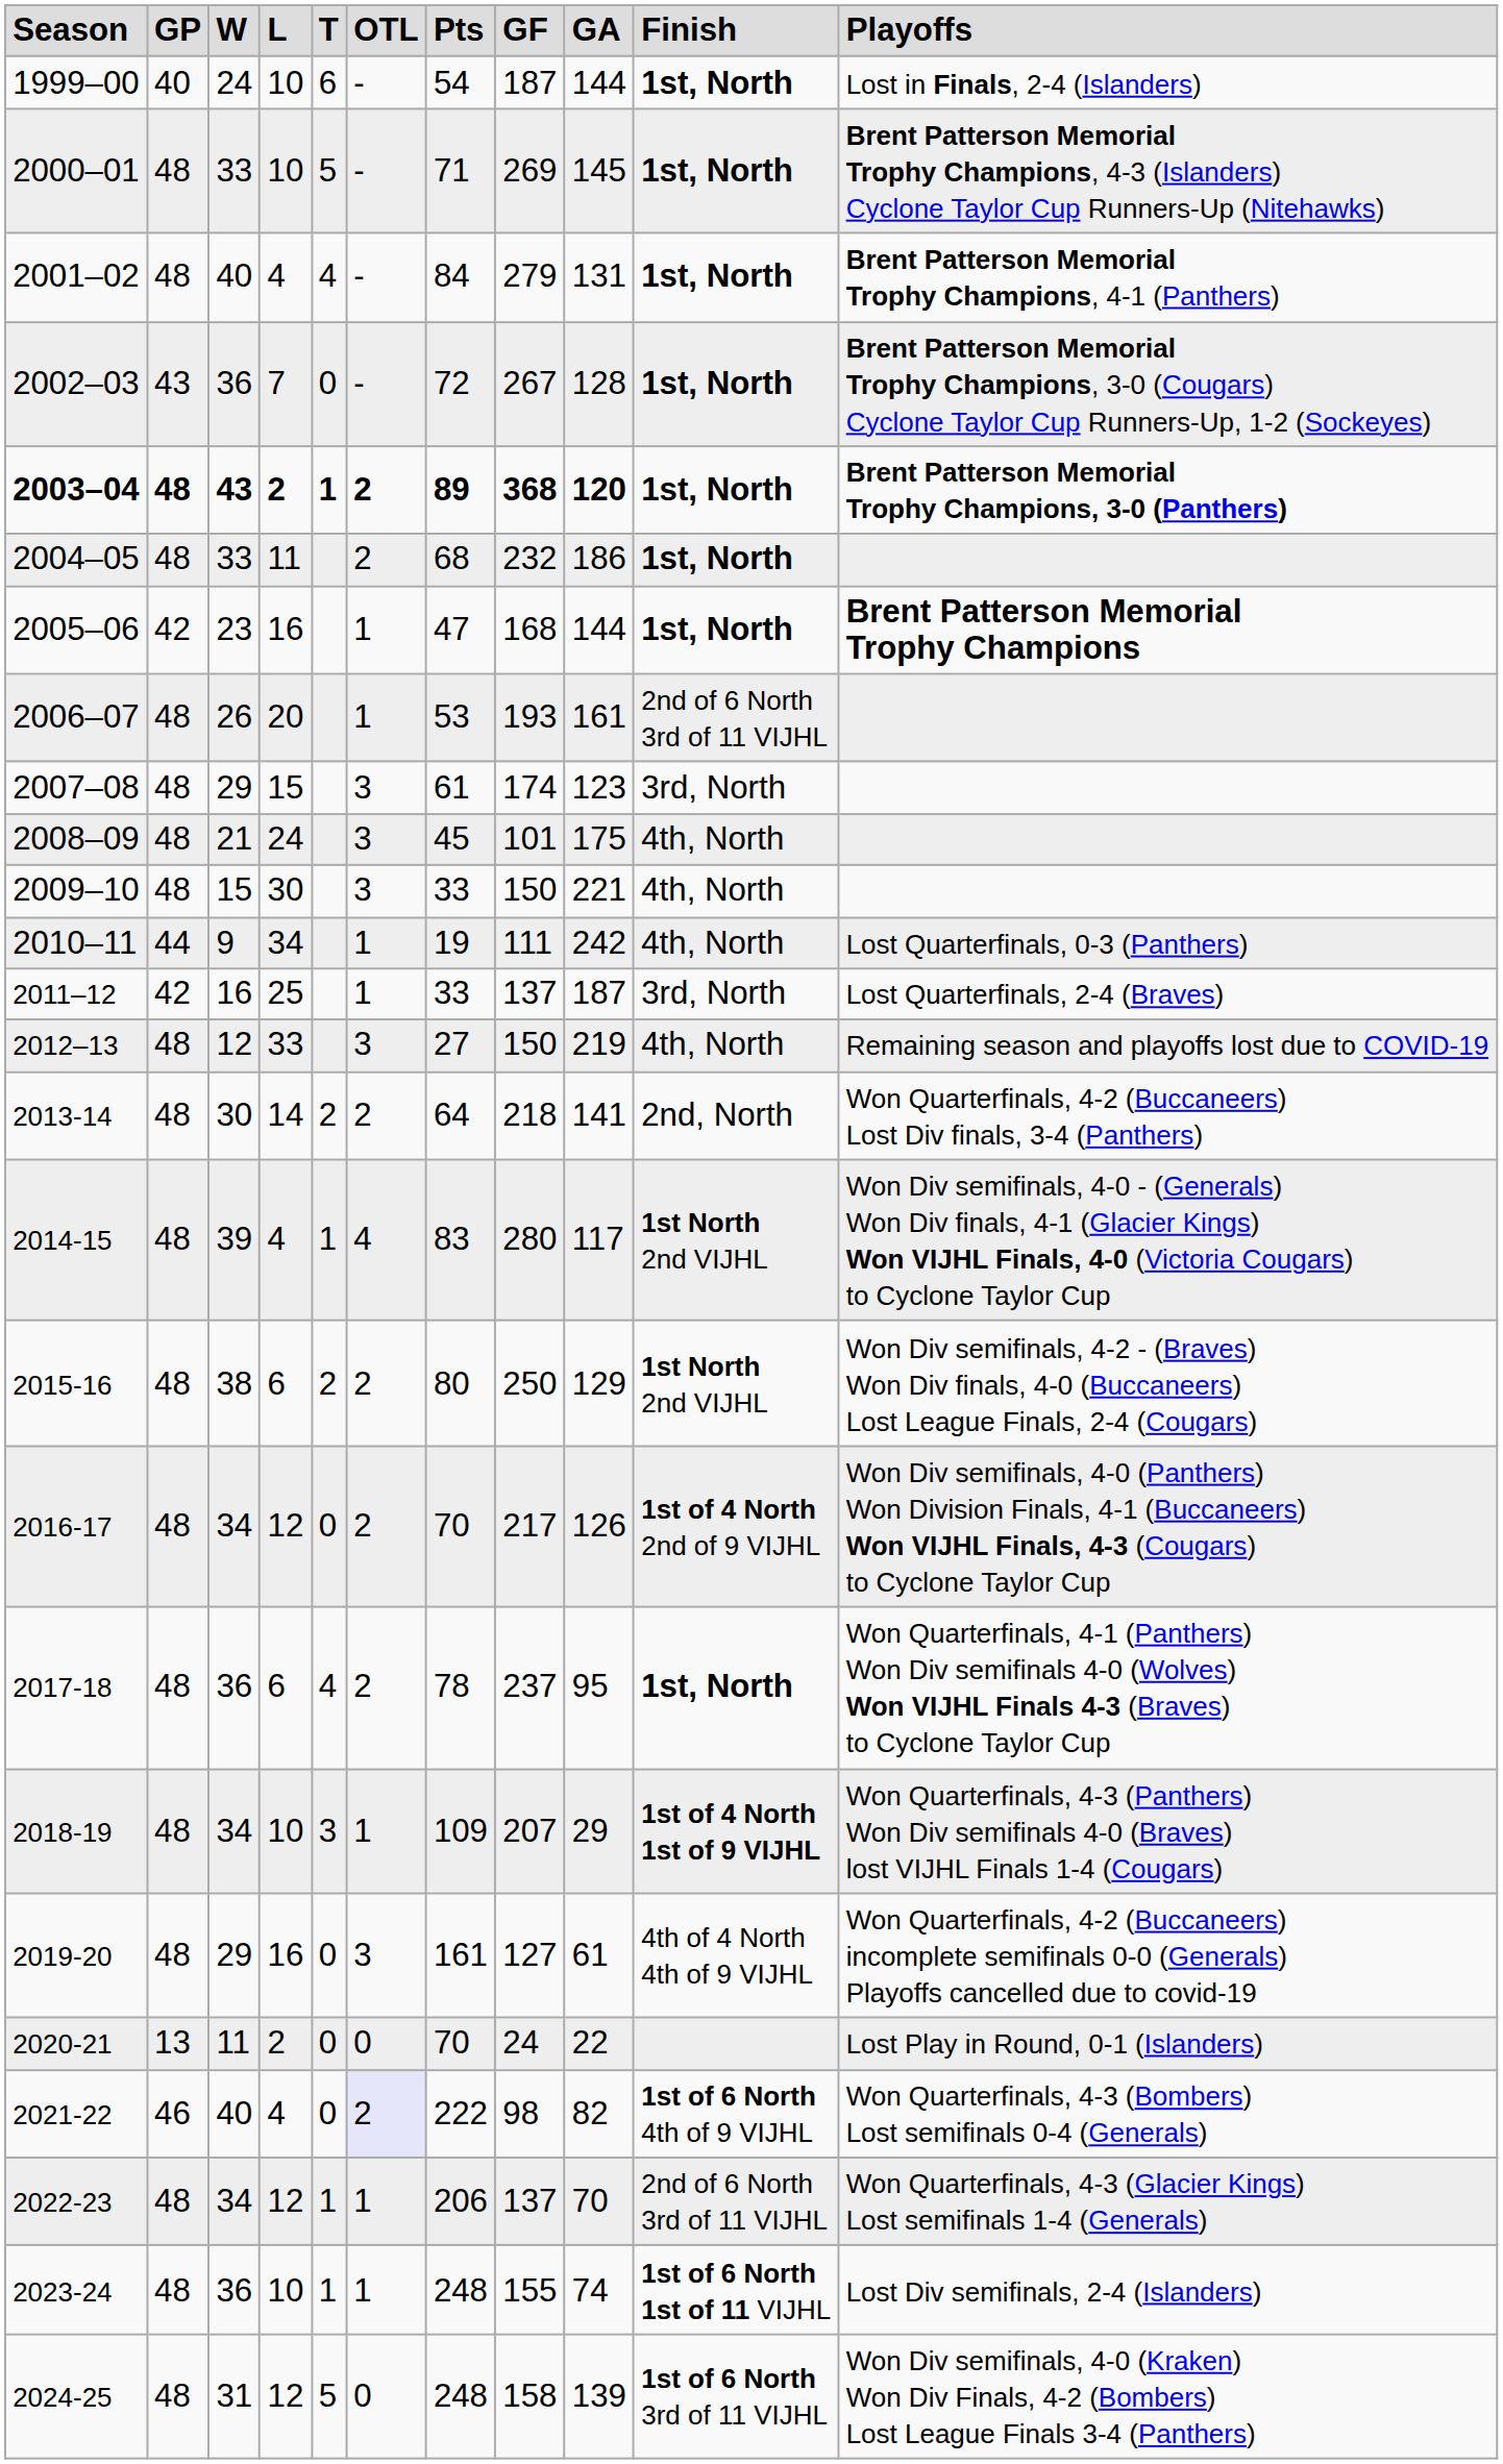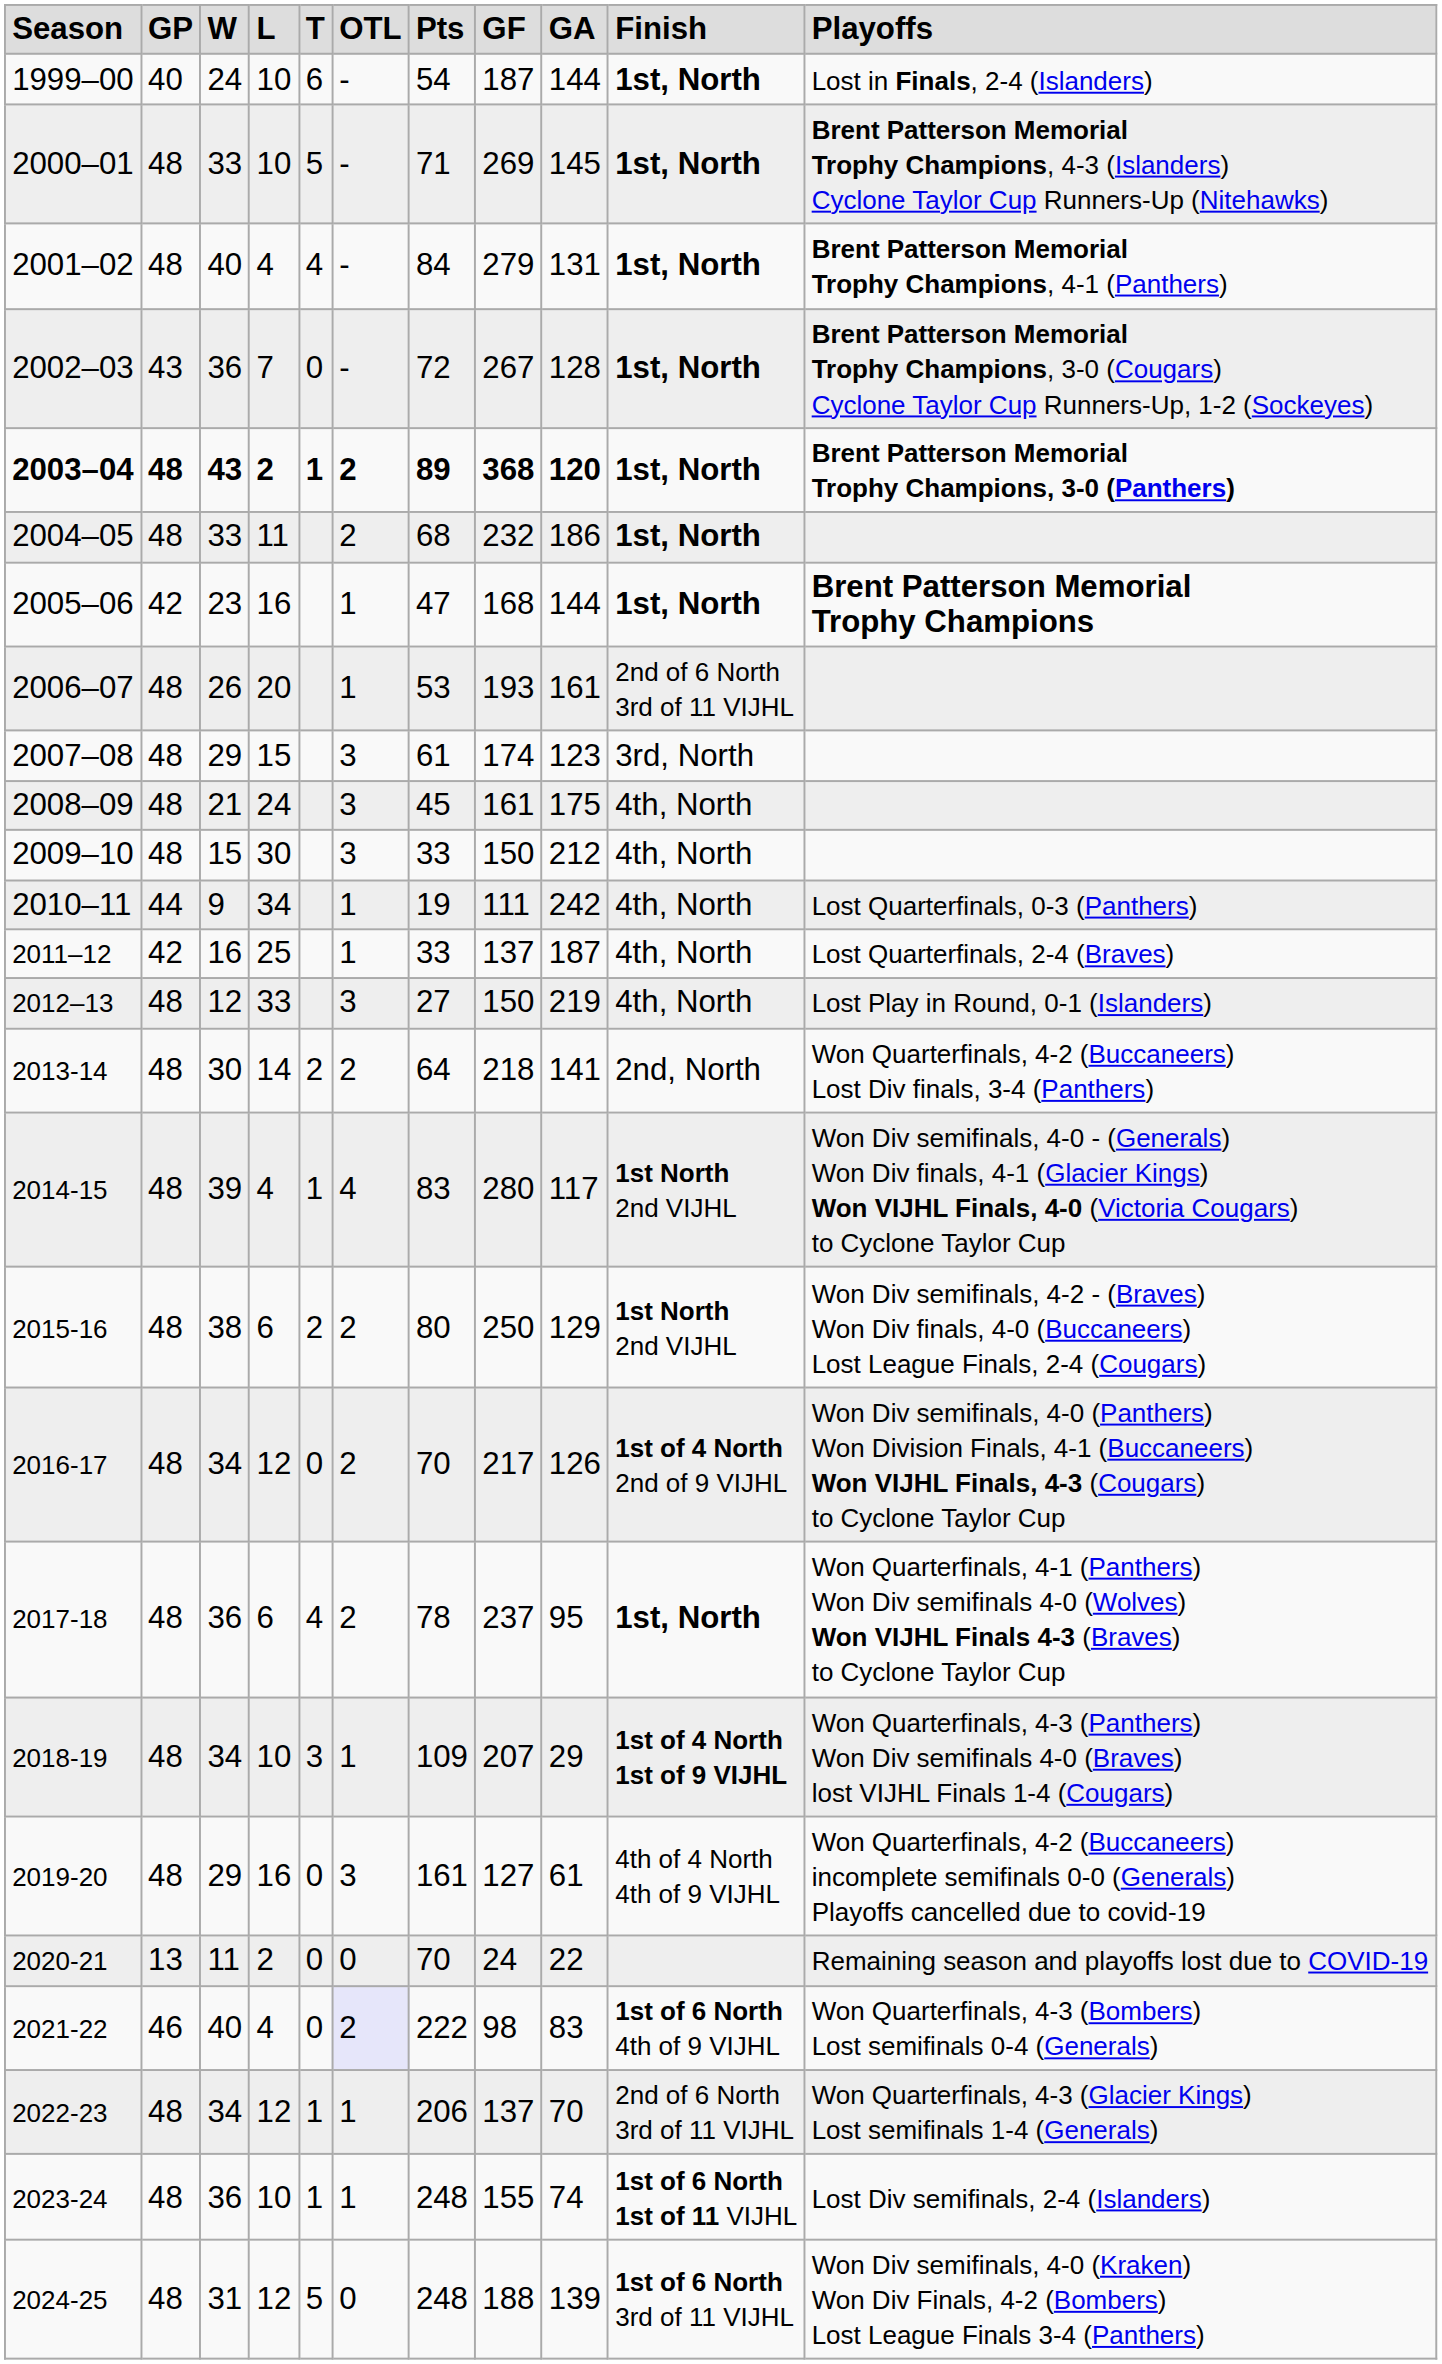 <table class="wikitable">
 <tr style="font-weight:bold; background:#ddd;"|>
 <td>Season</td>
 <td>GP</td>
 <td>W</td>
 <td>L</td>
 <td>T</td>
 <td>OTL</td>
 <td>Pts</td>
 <td>GF</td>
 <td>GA</td>
 <td>Finish</td>
 <td>Playoffs</td>
 </tr>
 <tr>
 <td>1999–00</td>
 <td>40</td>
 <td>24</td>
 <td>10</td>
 <td>6</td>
 <td>-</td>
 <td>54</td>
 <td>187</td>
 <td>144</td>
 <td><strong>1st, North</strong></td>
 <td><small>Lost in <strong>Finals</strong>, 2-4 (<a href='#'>Islanders</a>)</small></td>
 </tr>
 <tr style="background:#eee;">
 <td>2000–01</td>
 <td>48</td>
 <td>33</td>
 <td>10</td>
 <td>5</td>
 <td>-</td>
 <td>71</td>
 <td>269</td>
 <td>145</td>
 <td><strong>1st, North</strong></td>
 <td><small><strong>Brent Patterson Memorial</strong><br> <strong>Trophy Champions</strong>, 4-3 (<a href='#'>Islanders</a>)<br><a href='#'>Cyclone Taylor Cup</a> Runners-Up (<a href='#'>Nitehawks</a>)</small></td>
 </tr>
 <tr>
 <td>2001–02</td>
 <td>48</td>
 <td>40</td>
 <td>4</td>
 <td>4</td>
 <td>-</td>
 <td>84</td>
 <td>279</td>
 <td>131</td>
 <td><strong>1st, North</strong></td>
 <td><small><strong>Brent Patterson Memorial</strong><br> <strong>Trophy Champions</strong>, 4-1 (<a href='#'>Panthers</a>)</small></td>
 </tr>
 <tr style="background:#eee;">
 <td>2002–03</td>
 <td>43</td>
 <td>36</td>
 <td>7</td>
 <td>0</td>
 <td>-</td>
 <td>72</td>
 <td>267</td>
 <td>128</td>
 <td><strong>1st, North</strong></td>
 <td><small><strong>Brent Patterson Memorial</strong><br> <strong>Trophy Champions</strong>, 3-0 (<a href='#'>Cougars</a>)<br><a href='#'>Cyclone Taylor Cup</a> Runners-Up, 1-2 (<a href='#'>Sockeyes</a>)</small></td>
 </tr>
 <tr style="font-weight:bold">
 <td>2003–04</td>
 <td>48</td>
 <td>43</td>
 <td>2</td>
 <td>1</td>
 <td>2</td>
 <td>89</td>
 <td>368</td>
 <td>120</td>
 <td><strong>1st, North</strong></td>
 <td><small><strong>Brent Patterson Memorial</strong><br> <strong>Trophy Champions</strong>, 3-0 (<a href='#'>Panthers</a>)</small></td>
 </tr>
 <tr style="background:#eee;">
 <td>2004–05</td>
 <td>48</td>
 <td>33</td>
 <td>11</td>
 <td></td>
 <td>2</td>
 <td>68</td>
 <td>232</td>
 <td>186</td>
 <td><strong>1st, North</strong></td>
 <td></td>
 </tr>
 <tr>
 <td>2005–06</td>
 <td>42</td>
 <td>23</td>
 <td>16</td>
 <td></td>
 <td>1</td>
 <td>47</td>
 <td>168</td>
 <td>144</td>
 <td><strong>1st, North</strong></td>
 <td><strong>Brent Patterson Memorial</strong><br> <strong>Trophy Champions</strong></td>
 </tr>
 <tr style="background:#eee;">
 <td>2006–07</td>
 <td>48</td>
 <td>26</td>
 <td>20</td>
 <td></td>
 <td>1</td>
 <td>53</td>
 <td>193</td>
 <td>161</td>
 <td><small>2nd of 6 North<br>3rd of 11 VIJHL</small></td>
 <td></td>
 </tr>
 <tr>
 <td>2007–08</td>
 <td>48</td>
 <td>29</td>
 <td>15</td>
 <td></td>
 <td>3</td>
 <td>61</td>
 <td>174</td>
 <td>123</td>
 <td>3rd, North</td>
 <td></td>
 </tr>
 <tr style="background:#eee;">
 <td>2008–09</td>
 <td>48</td>
 <td>21</td>
 <td>24</td>
 <td></td>
 <td>3</td>
 <td>45</td>
-<td>101</td>
+<td>161</td>
 <td>175</td>
 <td>4th, North</td>
 <td></td>
 </tr>
 <tr>
 <td>2009–10</td>
 <td>48</td>
 <td>15</td>
 <td>30</td>
 <td></td>
 <td>3</td>
 <td>33</td>
 <td>150</td>
-<td>221</td>
+<td>212</td>
 <td>4th, North</td>
 <td></td>
 </tr>
 <tr style="background:#eee;">
 <td>2010–11</td>
 <td>44</td>
 <td>9</td>
 <td>34</td>
 <td></td>
 <td>1</td>
 <td>19</td>
 <td>111</td>
 <td>242</td>
 <td>4th, North</td>
 <td><small>Lost Quarterfinals, 0-3 (<a href='#'>Panthers</a>)</small></td>
 </tr>
 <tr>
 <td><small> 2011–12</small></td>
 <td>42</td>
 <td>16</td>
 <td>25</td>
 <td></td>
 <td>1</td>
 <td>33</td>
 <td>137</td>
 <td>187</td>
-<td>3rd, North</td>
+<td>4th, North</td>
 <td><small>Lost Quarterfinals, 2-4 (<a href='#'>Braves</a>)</small></td>
 </tr>
 <tr style="background:#eee;">
 <td><small>2012–13</small></td>
 <td>48</td>
 <td>12</td>
 <td>33</td>
 <td></td>
 <td>3</td>
 <td>27</td>
 <td>150</td>
 <td>219</td>
 <td>4th, North</td>
-<td><small>Remaining season and playoffs lost due to <a href='#'>COVID-19</a></small></td>
+<td><small>Lost Play in Round, 0-1 (<a href='#'>Islanders</a>)</small></td>
 </tr>
 <tr>
 <td><small>2013-14</small></td>
 <td>48</td>
 <td>30</td>
 <td>14</td>
 <td>2</td>
 <td>2</td>
 <td>64</td>
 <td>218</td>
 <td>141</td>
 <td>2nd, North</td>
 <td><small>Won Quarterfinals, 4-2 (<a href='#'>Buccaneers</a>)<br>Lost Div finals, 3-4 (<a href='#'>Panthers</a>)</small></td>
 </tr>
 <tr style="background:#eee;">
 <td><small>2014-15</small></td>
 <td>48</td>
 <td>39</td>
 <td>4</td>
 <td>1</td>
 <td>4</td>
 <td>83</td>
 <td>280</td>
 <td>117</td>
 <td><small><strong>1st North</strong><br>2nd VIJHL</small></td>
 <td><small>Won Div semifinals, 4-0 - (<a href='#'>Generals</a>)<br>Won Div finals, 4-1 (<a href='#'>Glacier Kings</a>)<br><strong>Won VIJHL Finals, 4-0</strong> (<a href='#'>Victoria Cougars</a>)<br>to Cyclone Taylor Cup</small></td>
 </tr>
 <tr>
 <td><small>2015-16</small></td>
 <td>48</td>
 <td>38</td>
 <td>6</td>
 <td>2</td>
 <td>2</td>
 <td>80</td>
 <td>250</td>
 <td>129</td>
 <td><small><strong>1st North</strong><br>2nd VIJHL</small></td>
 <td><small>Won Div semifinals, 4-2 - (<a href='#'>Braves</a>)<br>Won Div finals, 4-0 (<a href='#'>Buccaneers</a>)<br>Lost League Finals, 2-4 (<a href='#'>Cougars</a>)</small></td>
 </tr>
 <tr style="background:#eee;">
 <td><small>2016-17</small></td>
 <td>48</td>
 <td>34</td>
 <td>12</td>
 <td>0</td>
 <td>2</td>
 <td>70</td>
 <td>217</td>
 <td>126</td>
 <td><small><strong>1st of 4 North</strong><br>2nd of 9 VIJHL</small></td>
 <td><small>Won Div semifinals, 4-0 (<a href='#'>Panthers</a>)<br>Won Division Finals, 4-1 (<a href='#'>Buccaneers</a>)<br><strong>Won VIJHL Finals, 4-3</strong> (<a href='#'>Cougars</a>)<br>to Cyclone Taylor Cup</small></td>
 </tr>
 <tr>
 <td><small>2017-18</small></td>
 <td>48</td>
 <td>36</td>
 <td>6</td>
 <td>4</td>
 <td>2</td>
 <td>78</td>
 <td>237</td>
 <td>95</td>
 <td><strong>1st, North</strong></td>
 <td><small>Won Quarterfinals, 4-1 (<a href='#'>Panthers</a>)<br>Won Div semifinals 4-0 (<a href='#'>Wolves</a>)<br><strong>Won VIJHL Finals 4-3</strong> (<a href='#'>Braves</a>)<br>to Cyclone Taylor Cup</small></td>
 </tr>
 <tr style="background:#eee;">
 <td><small>2018-19</small></td>
 <td>48</td>
 <td>34</td>
 <td>10</td>
 <td>3</td>
 <td>1</td>
 <td>109</td>
 <td>207</td>
 <td>29</td>
 <td><small><strong>1st of 4 North</strong><br><strong>1st of 9 VIJHL</strong></small></td>
 <td><small>Won Quarterfinals, 4-3 (<a href='#'>Panthers</a>)<br>Won Div semifinals 4-0 (<a href='#'>Braves</a>)<br>lost VIJHL Finals 1-4 (<a href='#'>Cougars</a>)</small></td>
 </tr>
 <tr>
 <td><small>2019-20</small></td>
 <td>48</td>
 <td>29</td>
 <td>16</td>
 <td>0</td>
 <td>3</td>
 <td>161</td>
 <td>127</td>
 <td>61</td>
 <td><small>4th of 4 North<br>4th of 9 VIJHL</small></td>
 <td><small>Won Quarterfinals, 4-2 (<a href='#'>Buccaneers</a>)<br>incomplete semifinals 0-0 (<a href='#'>Generals</a>)<br>Playoffs cancelled due to covid-19</small></td>
 </tr>
 <tr style="background:#eee;">
 <td><small>2020-21</small></td>
 <td>13</td>
 <td>11</td>
 <td>2</td>
 <td>0</td>
 <td>0</td>
 <td>70</td>
 <td>24</td>
 <td>22</td>
 <td></td>
-<td><small>Lost Play in Round, 0-1 (<a href='#'>Islanders</a>)</small></td>
+<td><small>Remaining season and playoffs lost due to <a href='#'>COVID-19</a></small></td>
 </tr>
 <tr>
 <td><small>2021-22</small></td>
 <td>46</td>
 <td>40</td>
 <td>4</td>
 <td>0</td>
 <td style="background: lavender;">2</td>
 <td>222</td>
 <td>98</td>
-<td>82</td>
+<td>83</td>
 <td><small><strong>1st of 6 North</strong><br>4th of 9 VIJHL</small></td>
 <td><small>Won Quarterfinals, 4-3 (<a href='#'>Bombers</a>)<br>Lost semifinals 0-4 (<a href='#'>Generals</a>)</small></td>
 </tr>
 <tr style="background:#eee;">
 <td><small>2022-23</small></td>
 <td>48</td>
 <td>34</td>
 <td>12</td>
 <td>1</td>
 <td>1</td>
 <td>206</td>
 <td>137</td>
 <td>70</td>
 <td><small>2nd of 6 North<br>3rd of 11 VIJHL</small></td>
 <td><small>Won Quarterfinals, 4-3 (<a href='#'>Glacier Kings</a>)<br>Lost semifinals 1-4 (<a href='#'>Generals</a>)</small></td>
 </tr>
 <tr>
 <td><small>2023-24</small></td>
 <td>48</td>
 <td>36</td>
 <td>10</td>
 <td>1</td>
 <td>1</td>
 <td>248</td>
 <td>155</td>
 <td>74</td>
 <td><small><strong>1st of 6 North</strong><br><strong>1st of 11</strong> VIJHL</small></td>
 <td><small>Lost Div semifinals, 2-4 (<a href='#'>Islanders</a>)</small></td>
 </tr>
 <tr>
 <td><small>2024-25</small></td>
 <td>48</td>
 <td>31</td>
 <td>12</td>
 <td>5</td>
 <td>0</td>
 <td>248</td>
-<td>158</td>
+<td>188</td>
 <td>139</td>
 <td><small><strong>1st of 6 North</strong><br>3rd of 11 VIJHL</small></td>
 <td><small>Won Div semifinals, 4-0 (<a href='#'>Kraken</a>)<br>Won Div Finals, 4-2 (<a href='#'>Bombers</a>)<br>Lost League Finals 3-4 (<a href='#'>Panthers</a>)</small></td>
 </tr>
 </table>
